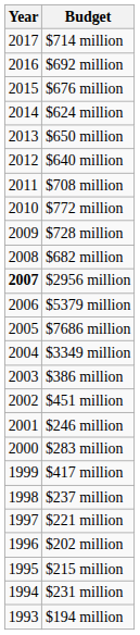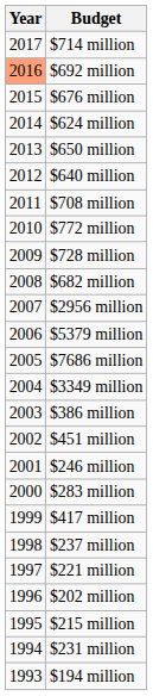 <table class=wikitable>
 <tr>
 <th>Year</th>
 <th>Budget</th>
 </tr>
 <tr>
 <td>2017</td>
 <td>$714 million</td>
 </tr>
 <tr>
-<td>2016</td>
+<td style="background: lightsalmon;">2016</td>
 <td>$692 million</td>
 </tr>
 <tr>
 <td>2015</td>
 <td>$676 million</td>
 </tr>
 <tr>
 <td>2014</td>
 <td>$624 million</td>
 </tr>
 <tr>
 <td>2013</td>
 <td>$650 million</td>
 </tr>
 <tr>
 <td>2012</td>
 <td>$640 million</td>
 </tr>
 <tr>
 <td>2011</td>
 <td>$708 million</td>
 </tr>
 <tr>
 <td>2010</td>
 <td>$772 million</td>
 </tr>
 <tr>
 <td>2009</td>
 <td>$728 million</td>
 </tr>
 <tr>
 <td>2008</td>
 <td>$682 million</td>
 </tr>
 <tr>
-<td><strong>2007</strong></td>
+<td>2007</td>
 <td>$2956 million</td>
 </tr>
 <tr>
 <td>2006</td>
 <td>$5379 million</td>
 </tr>
 <tr>
 <td>2005</td>
 <td>$7686 million</td>
 </tr>
 <tr>
 <td>2004</td>
 <td>$3349 million</td>
 </tr>
 <tr>
 <td>2003</td>
 <td>$386 million</td>
 </tr>
 <tr>
 <td>2002</td>
 <td>$451 million</td>
 </tr>
 <tr>
 <td>2001</td>
 <td>$246 million</td>
 </tr>
 <tr>
 <td>2000</td>
 <td>$283 million</td>
 </tr>
 <tr>
 <td>1999</td>
 <td>$417 million</td>
 </tr>
 <tr>
 <td>1998</td>
 <td>$237 million</td>
 </tr>
 <tr>
 <td>1997</td>
 <td>$221 million</td>
 </tr>
 <tr>
 <td>1996</td>
 <td>$202 million</td>
 </tr>
 <tr>
 <td>1995</td>
 <td>$215 million</td>
 </tr>
 <tr>
 <td>1994</td>
 <td>$231 million</td>
 </tr>
 <tr>
 <td>1993</td>
 <td>$194 million</td>
 </tr>
 </table>
